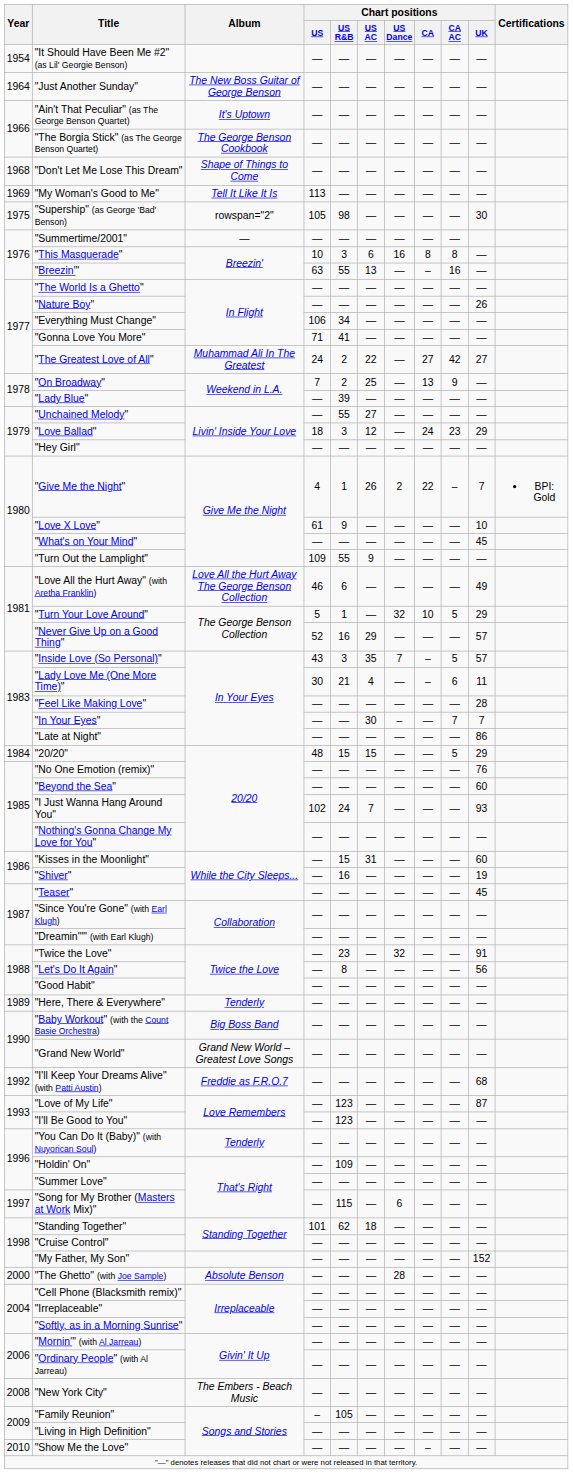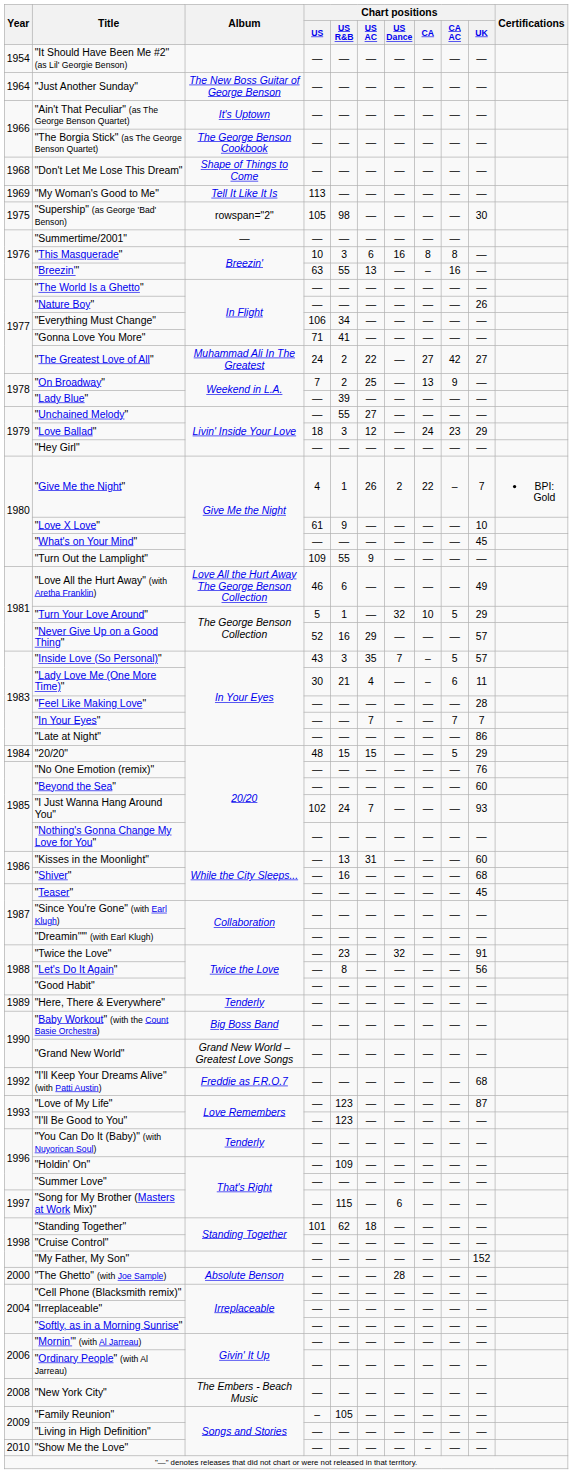 <table class="wikitable" style="text-align:center;">
 <tr>
 <th rowspan="2">Year</th>
 <th rowspan="2">Title</th>
 <th rowspan="2">Album</th>
 <th colspan="7">Chart positions</th>
 <th rowspan="2">Certifications</th>
 </tr>
 <tr style="font-size:smaller;">
 <th width="35"><a href='#'>US</a><br></th>
 <th width="35"><a href='#'>US<br>R&B</a><br></th>
 <th width="35"><a href='#'>US<br>AC</a><br></th>
 <th width="35"><a href='#'>US<br>Dance</a><br></th>
 <th width="35"><a href='#'>CA</a><br></th>
 <th width="35"><a href='#'>CA AC</a></th>
 <th width="35"><a href='#'>UK</a><br></th>
 </tr>
 <tr>
 <td>1954</td>
 <td align="left">"It Should Have Been Me #2" <small>(as Lil' Georgie Benson)</small></td>
 <td></td>
 <td>—</td>
 <td>—</td>
 <td>—</td>
 <td>—</td>
 <td>—</td>
 <td>—</td>
 <td>—</td>
 <td></td>
 </tr>
 <tr>
 <td>1964</td>
 <td align="left">"Just Another Sunday"</td>
 <td><em><a href='#'>The New Boss Guitar of George Benson</a></em></td>
 <td>—</td>
 <td>—</td>
 <td>—</td>
 <td>—</td>
 <td>—</td>
 <td>—</td>
 <td>—</td>
 <td></td>
 </tr>
 <tr>
 <td rowspan="2">1966</td>
 <td align="left">"Ain't That Peculiar" <small>(as The George Benson Quartet)</small></td>
 <td><em><a href='#'>It's Uptown</a></em></td>
 <td>—</td>
 <td>—</td>
 <td>—</td>
 <td>—</td>
 <td>—</td>
 <td>—</td>
 <td>—</td>
 <td></td>
 </tr>
 <tr>
 <td align="left">"The Borgia Stick" <small>(as The George Benson Quartet)</small></td>
 <td><em><a href='#'>The George Benson Cookbook</a></em></td>
 <td>—</td>
 <td>—</td>
 <td>—</td>
 <td>—</td>
 <td>—</td>
 <td>—</td>
 <td>—</td>
 <td></td>
 </tr>
 <tr>
 <td>1968</td>
 <td align="left">"Don't Let Me Lose This Dream"</td>
 <td><em><a href='#'>Shape of Things to Come</a></em></td>
 <td>—</td>
 <td>—</td>
 <td>—</td>
 <td>—</td>
 <td>—</td>
 <td>—</td>
 <td>—</td>
 <td></td>
 </tr>
 <tr>
 <td>1969</td>
 <td align="left">"My Woman's Good to Me"</td>
 <td><em><a href='#'>Tell It Like It Is</a></em></td>
 <td>113</td>
 <td>—</td>
 <td>—</td>
 <td>—</td>
 <td>—</td>
 <td>—</td>
 <td>—</td>
 <td></td>
 </tr>
 <tr>
 <td>1975</td>
 <td align="left">"Supership" <small>(as George 'Bad' Benson)</small></td>
 <td>rowspan="2" </td>
 <td>105</td>
 <td>98</td>
 <td>—</td>
 <td>—</td>
 <td>—</td>
 <td>—</td>
 <td>30</td>
 <td></td>
 </tr>
 <tr>
 <td rowspan="3">1976</td>
 <td align="left">"Summertime/2001"</td>
 <td>—</td>
 <td>—</td>
 <td>—</td>
 <td>—</td>
 <td>—</td>
 <td>—</td>
 <td>—</td>
 <td></td>
 </tr>
 <tr>
 <td align="left">"<a href='#'>This Masquerade</a>"</td>
 <td rowspan="2"><em><a href='#'>Breezin'</a></em></td>
 <td>10</td>
 <td>3</td>
 <td>6</td>
 <td>16</td>
 <td>8</td>
 <td>8</td>
 <td>—</td>
 <td></td>
 </tr>
 <tr>
 <td align="left">"<a href='#'>Breezin'</a>"</td>
 <td>63</td>
 <td>55</td>
 <td>13</td>
 <td>—</td>
 <td>–</td>
 <td>16</td>
 <td>—</td>
 <td></td>
 </tr>
 <tr>
 <td rowspan="5">1977</td>
 <td align="left">"<a href='#'>The World Is a Ghetto</a>"</td>
 <td rowspan="4"><em><a href='#'>In Flight</a></em></td>
 <td>—</td>
 <td>—</td>
 <td>—</td>
 <td>—</td>
 <td>—</td>
 <td>—</td>
 <td>—</td>
 <td></td>
 </tr>
 <tr>
 <td align="left">"<a href='#'>Nature Boy</a>"</td>
 <td>—</td>
 <td>—</td>
 <td>—</td>
 <td>—</td>
 <td>—</td>
 <td>—</td>
 <td>26</td>
 <td></td>
 </tr>
 <tr>
 <td align="left">"Everything Must Change"</td>
 <td>106</td>
 <td>34</td>
 <td>—</td>
 <td>—</td>
 <td>—</td>
 <td>—</td>
 <td>—</td>
 <td></td>
 </tr>
 <tr>
 <td align="left">"Gonna Love You More"</td>
 <td>71</td>
 <td>41</td>
 <td>—</td>
 <td>—</td>
 <td>—</td>
 <td>—</td>
 <td>—</td>
 <td></td>
 </tr>
 <tr>
 <td align="left">"<a href='#'>The Greatest Love of All</a>"</td>
 <td><em><a href='#'>Muhammad Ali In The Greatest</a></em></td>
 <td>24</td>
 <td>2</td>
 <td>22</td>
 <td>—</td>
 <td>27</td>
 <td>42</td>
 <td>27</td>
 <td></td>
 </tr>
 <tr>
 <td rowspan="2">1978</td>
 <td align="left">"<a href='#'>On Broadway</a>"</td>
 <td rowspan="2"><em><a href='#'>Weekend in L.A.</a></em></td>
 <td>7</td>
 <td>2</td>
 <td>25</td>
 <td>—</td>
 <td>13</td>
 <td>9</td>
 <td>—</td>
 <td></td>
 </tr>
 <tr>
 <td align="left">"<a href='#'>Lady Blue</a>"</td>
 <td>—</td>
 <td>39</td>
 <td>—</td>
 <td>—</td>
 <td>—</td>
 <td>—</td>
 <td>—</td>
 <td></td>
 </tr>
 <tr>
 <td rowspan="3">1979</td>
 <td align="left">"<a href='#'>Unchained Melody</a>"</td>
 <td rowspan="3"><em><a href='#'>Livin' Inside Your Love</a></em></td>
 <td>—</td>
 <td>55</td>
 <td>27</td>
 <td>—</td>
 <td>—</td>
 <td>—</td>
 <td>—</td>
 <td></td>
 </tr>
 <tr>
 <td align="left">"<a href='#'>Love Ballad</a>"</td>
 <td>18</td>
 <td>3</td>
 <td>12</td>
 <td>—</td>
 <td>24</td>
 <td>23</td>
 <td>29</td>
 <td></td>
 </tr>
 <tr>
 <td align="left">"Hey Girl"</td>
 <td>—</td>
 <td>—</td>
 <td>—</td>
 <td>—</td>
 <td>—</td>
 <td>—</td>
 <td>—</td>
 <td></td>
 </tr>
 <tr>
 <td rowspan="4">1980</td>
 <td align="left">"<a href='#'>Give Me the Night</a>"</td>
 <td rowspan="4"><em><a href='#'>Give Me the Night</a></em></td>
 <td>4</td>
 <td>1</td>
 <td>26</td>
 <td>2</td>
 <td>22</td>
 <td>–</td>
 <td>7</td>
 <td><br><ul><li>BPI: Gold</li></ul></td>
 </tr>
 <tr>
 <td align="left">"<a href='#'>Love X Love</a>"</td>
 <td>61</td>
 <td>9</td>
 <td>—</td>
 <td>—</td>
 <td>—</td>
 <td>—</td>
 <td>10</td>
 <td></td>
 </tr>
 <tr>
 <td align="left">"<a href='#'>What's on Your Mind</a>"</td>
 <td>—</td>
 <td>—</td>
 <td>—</td>
 <td>—</td>
 <td>—</td>
 <td>—</td>
 <td>45</td>
 <td></td>
 </tr>
 <tr>
 <td align="left">"Turn Out the Lamplight"</td>
 <td>109</td>
 <td>55</td>
 <td>9</td>
 <td>—</td>
 <td>—</td>
 <td>—</td>
 <td>—</td>
 <td></td>
 </tr>
 <tr>
 <td rowspan="3">1981</td>
 <td align="left">"Love All the Hurt Away" <small>(with <a href='#'>Aretha Franklin</a>)</small></td>
 <td><em><a href='#'>Love All the Hurt Away</a></em><br><em><a href='#'>The George Benson Collection</a></em></td>
 <td>46</td>
 <td>6</td>
 <td>—</td>
 <td>—</td>
 <td>—</td>
 <td>—</td>
 <td>49</td>
 <td></td>
 </tr>
 <tr>
 <td align="left">"<a href='#'>Turn Your Love Around</a>"</td>
 <td rowspan="2"><em>The George Benson Collection</em></td>
 <td>5</td>
 <td>1</td>
 <td>—</td>
 <td>32</td>
 <td>10</td>
 <td>5</td>
 <td>29</td>
 <td></td>
 </tr>
 <tr>
 <td align="left">"<a href='#'>Never Give Up on a Good Thing</a>"</td>
 <td>52</td>
 <td>16</td>
 <td>29</td>
 <td>—</td>
 <td>—</td>
 <td>—</td>
 <td>57</td>
 <td></td>
 </tr>
 <tr>
 <td rowspan="5">1983</td>
 <td align="left">"<a href='#'>Inside Love (So Personal)</a>"</td>
 <td rowspan="5"><em><a href='#'>In Your Eyes</a></em></td>
 <td>43</td>
 <td>3</td>
 <td>35</td>
 <td>7</td>
 <td>–</td>
 <td>5</td>
 <td>57</td>
 <td></td>
 </tr>
 <tr>
 <td align="left">"<a href='#'>Lady Love Me (One More Time)</a>"</td>
 <td>30</td>
 <td>21</td>
 <td>4</td>
 <td>—</td>
 <td>–</td>
 <td>6</td>
 <td>11</td>
 <td></td>
 </tr>
 <tr>
 <td align="left">"<a href='#'>Feel Like Making Love</a>"</td>
 <td>—</td>
 <td>—</td>
 <td>—</td>
 <td>—</td>
 <td>—</td>
 <td>—</td>
 <td>28</td>
 <td></td>
 </tr>
 <tr>
 <td align="left">"<a href='#'>In Your Eyes</a>"</td>
 <td>—</td>
 <td>—</td>
-<td>30</td>
+<td>7</td>
 <td>–</td>
 <td>—</td>
 <td>7</td>
 <td>7</td>
 <td></td>
 </tr>
 <tr>
 <td align="left">"Late at Night"</td>
 <td>—</td>
 <td>—</td>
 <td>—</td>
 <td>—</td>
 <td>—</td>
 <td>—</td>
 <td>86</td>
 <td></td>
 </tr>
 <tr>
 <td>1984</td>
 <td align="left">"20/20"</td>
 <td rowspan="5"><em><a href='#'>20/20</a></em></td>
 <td>48</td>
 <td>15</td>
 <td>15</td>
 <td>—</td>
 <td>—</td>
 <td>5</td>
 <td>29</td>
 <td></td>
 </tr>
 <tr>
 <td rowspan="4">1985</td>
 <td align="left">"No One Emotion (remix)"</td>
 <td>—</td>
 <td>—</td>
 <td>—</td>
 <td>—</td>
 <td>—</td>
 <td>—</td>
 <td>76</td>
 <td></td>
 </tr>
 <tr>
 <td align="left">"<a href='#'>Beyond the Sea</a>"</td>
 <td>—</td>
 <td>—</td>
 <td>—</td>
 <td>—</td>
 <td>—</td>
 <td>—</td>
 <td>60</td>
 <td></td>
 </tr>
 <tr>
 <td align="left">"I Just Wanna Hang Around You"</td>
 <td>102</td>
 <td>24</td>
 <td>7</td>
 <td>—</td>
 <td>—</td>
 <td>—</td>
 <td>93</td>
 <td></td>
 </tr>
 <tr>
 <td align="left">"<a href='#'>Nothing's Gonna Change My Love for You</a>"</td>
 <td>—</td>
 <td>—</td>
 <td>—</td>
 <td>—</td>
 <td>—</td>
 <td>—</td>
 <td>—</td>
 <td></td>
 </tr>
 <tr>
 <td rowspan="2">1986</td>
 <td align="left">"Kisses in the Moonlight"</td>
 <td rowspan="3"><em><a href='#'>While the City Sleeps...</a></em></td>
 <td>—</td>
-<td>15</td>
+<td>13</td>
 <td>31</td>
 <td>—</td>
 <td>—</td>
 <td>—</td>
 <td>60</td>
 <td></td>
 </tr>
 <tr>
 <td align="left">"<a href='#'>Shiver</a>"</td>
 <td>—</td>
 <td>16</td>
 <td>—</td>
 <td>—</td>
 <td>—</td>
 <td>—</td>
-<td>19</td>
+<td>68</td>
 <td></td>
 </tr>
 <tr>
 <td rowspan="3">1987</td>
 <td align="left">"<a href='#'>Teaser</a>"</td>
 <td>—</td>
 <td>—</td>
 <td>—</td>
 <td>—</td>
 <td>—</td>
 <td>—</td>
 <td>45</td>
 <td></td>
 </tr>
 <tr>
 <td align="left">"Since You're Gone" <small>(with <a href='#'>Earl Klugh</a>)</small></td>
 <td rowspan="2"><em><a href='#'>Collaboration</a></em></td>
 <td>—</td>
 <td>—</td>
 <td>—</td>
 <td>—</td>
 <td>—</td>
 <td>—</td>
 <td>—</td>
 <td></td>
 </tr>
 <tr>
 <td align="left">"Dreamin'"" <small>(with Earl Klugh)</small></td>
 <td>—</td>
 <td>—</td>
 <td>—</td>
 <td>—</td>
 <td>—</td>
 <td>—</td>
 <td>—</td>
 <td></td>
 </tr>
 <tr>
 <td rowspan="3">1988</td>
 <td align="left">"Twice the Love"</td>
 <td rowspan="3"><em><a href='#'>Twice the Love</a></em></td>
 <td>—</td>
 <td>23</td>
 <td>—</td>
 <td>32</td>
 <td>—</td>
 <td>—</td>
 <td>91</td>
 <td></td>
 </tr>
 <tr>
 <td align="left">"<a href='#'>Let's Do It Again</a>"</td>
 <td>—</td>
 <td>8</td>
 <td>—</td>
 <td>—</td>
 <td>—</td>
 <td>—</td>
 <td>56</td>
 <td></td>
 </tr>
 <tr>
 <td align="left">"Good Habit"</td>
 <td>—</td>
 <td>—</td>
 <td>—</td>
 <td>—</td>
 <td>—</td>
 <td>—</td>
 <td>—</td>
 <td></td>
 </tr>
 <tr>
 <td>1989</td>
 <td align="left">"Here, There & Everywhere"</td>
 <td><em><a href='#'>Tenderly</a></em></td>
 <td>—</td>
 <td>—</td>
 <td>—</td>
 <td>—</td>
 <td>—</td>
 <td>—</td>
 <td>—</td>
 <td></td>
 </tr>
 <tr>
 <td rowspan="2">1990</td>
 <td align="left">"<a href='#'>Baby Workout</a>" <small>(with the <a href='#'>Count Basie Orchestra</a>)</small></td>
 <td><em><a href='#'>Big Boss Band</a></em></td>
 <td>—</td>
 <td>—</td>
 <td>—</td>
 <td>—</td>
 <td>—</td>
 <td>—</td>
 <td>—</td>
 <td></td>
 </tr>
 <tr>
 <td align="left">"Grand New World"</td>
 <td><em>Grand New World – Greatest Love Songs</em></td>
 <td>—</td>
 <td>—</td>
 <td>—</td>
 <td>—</td>
 <td>—</td>
 <td>—</td>
 <td>—</td>
 <td></td>
 </tr>
 <tr>
 <td>1992</td>
 <td align="left">"I'll Keep Your Dreams Alive" <small>(with <a href='#'>Patti Austin</a>)</small></td>
 <td><em><a href='#'>Freddie as F.R.O.7</a></em></td>
 <td>—</td>
 <td>—</td>
 <td>—</td>
 <td>—</td>
 <td>—</td>
 <td>—</td>
 <td>68</td>
 <td></td>
 </tr>
 <tr>
 <td rowspan="2">1993</td>
 <td align="left">"Love of My Life"</td>
 <td rowspan="2"><em><a href='#'>Love Remembers</a></em></td>
 <td>—</td>
 <td>123</td>
 <td>—</td>
 <td>—</td>
 <td>—</td>
 <td>—</td>
 <td>87</td>
 <td></td>
 </tr>
 <tr>
 <td align="left">"I'll Be Good to You"</td>
 <td>—</td>
 <td>123</td>
 <td>—</td>
 <td>—</td>
 <td>—</td>
 <td>—</td>
 <td>—</td>
 <td></td>
 </tr>
 <tr>
 <td rowspan="3">1996</td>
 <td align="left">"You Can Do It (Baby)" <small>(with <a href='#'>Nuyorican Soul</a>)</small></td>
 <td><em><a href='#'>Tenderly</a></em></td>
 <td>—</td>
 <td>—</td>
 <td>—</td>
 <td>—</td>
 <td>—</td>
 <td>—</td>
 <td>—</td>
 <td></td>
 </tr>
 <tr>
 <td align="left">"Holdin' On"</td>
 <td rowspan="3"><em><a href='#'>That's Right</a></em></td>
 <td>—</td>
 <td>109</td>
 <td>—</td>
 <td>—</td>
 <td>—</td>
 <td>—</td>
 <td>—</td>
 <td></td>
 </tr>
 <tr>
 <td align="left">"Summer Love"</td>
 <td>—</td>
 <td>—</td>
 <td>—</td>
 <td>—</td>
 <td>—</td>
 <td>—</td>
 <td>—</td>
 <td></td>
 </tr>
 <tr>
 <td>1997</td>
 <td align="left">"Song for My Brother (<a href='#'>Masters at Work</a> Mix)"</td>
 <td>—</td>
 <td>115</td>
 <td>—</td>
 <td>6</td>
 <td>—</td>
 <td>—</td>
 <td>—</td>
 <td></td>
 </tr>
 <tr>
 <td rowspan="3">1998</td>
 <td align="left">"Standing Together"</td>
 <td rowspan="2"><em><a href='#'>Standing Together</a></em></td>
 <td>101</td>
 <td>62</td>
 <td>18</td>
 <td>—</td>
 <td>—</td>
 <td>—</td>
 <td>—</td>
 <td></td>
 </tr>
 <tr>
 <td align="left">"Cruise Control"</td>
 <td>—</td>
 <td>—</td>
 <td>—</td>
 <td>—</td>
 <td>—</td>
 <td>—</td>
 <td>—</td>
 <td></td>
 </tr>
 <tr>
 <td align="left">"My Father, My Son"</td>
 <td></td>
 <td>—</td>
 <td>—</td>
 <td>—</td>
 <td>—</td>
 <td>—</td>
 <td>—</td>
 <td>152</td>
 <td></td>
 </tr>
 <tr>
 <td>2000</td>
 <td align="left">"The Ghetto" <small>(with <a href='#'>Joe Sample</a>)</small></td>
 <td><em><a href='#'>Absolute Benson</a></em></td>
 <td>—</td>
 <td>—</td>
 <td>—</td>
 <td>28</td>
 <td>—</td>
 <td>—</td>
 <td>—</td>
 <td></td>
 </tr>
 <tr>
 <td rowspan="3">2004</td>
 <td align="left">"Cell Phone (Blacksmith remix)"</td>
 <td rowspan="3"><em><a href='#'>Irreplaceable</a></em></td>
 <td>—</td>
 <td>—</td>
 <td>—</td>
 <td>—</td>
 <td>—</td>
 <td>—</td>
 <td>—</td>
 <td></td>
 </tr>
 <tr>
 <td align="left">"Irreplaceable"</td>
 <td>—</td>
 <td>—</td>
 <td>—</td>
 <td>—</td>
 <td>—</td>
 <td>—</td>
 <td>—</td>
 <td></td>
 </tr>
 <tr>
 <td align="left">"<a href='#'>Softly, as in a Morning Sunrise</a>"</td>
 <td>—</td>
 <td>—</td>
 <td>—</td>
 <td>—</td>
 <td>—</td>
 <td>—</td>
 <td>—</td>
 <td></td>
 </tr>
 <tr>
 <td rowspan="2">2006</td>
 <td align="left">"<a href='#'>Mornin'</a>" <small>(with <a href='#'>Al Jarreau</a>)</small></td>
 <td rowspan="2"><em><a href='#'>Givin' It Up</a></em></td>
 <td>—</td>
 <td>—</td>
 <td>—</td>
 <td>—</td>
 <td>—</td>
 <td>—</td>
 <td>—</td>
 <td></td>
 </tr>
 <tr>
 <td align="left">"<a href='#'>Ordinary People</a>" <small>(with Al Jarreau)</small></td>
 <td>—</td>
 <td>—</td>
 <td>—</td>
 <td>—</td>
 <td>—</td>
 <td>—</td>
 <td>—</td>
 <td></td>
 </tr>
 <tr>
 <td>2008</td>
 <td align="left">"New York City"</td>
 <td><em>The Embers - Beach Music</em></td>
 <td>—</td>
 <td>—</td>
 <td>—</td>
 <td>—</td>
 <td>—</td>
 <td>—</td>
 <td>—</td>
 <td></td>
 </tr>
 <tr>
 <td rowspan="2">2009</td>
 <td align="left">"Family Reunion"</td>
 <td rowspan="3"><em><a href='#'>Songs and Stories</a></em></td>
 <td>–</td>
 <td>105</td>
 <td>—</td>
 <td>—</td>
 <td>—</td>
 <td>—</td>
 <td>—</td>
 <td></td>
 </tr>
 <tr>
 <td align="left">"Living in High Definition"</td>
 <td>—</td>
 <td>—</td>
 <td>—</td>
 <td>—</td>
 <td>—</td>
 <td>—</td>
 <td>—</td>
 <td></td>
 </tr>
 <tr>
 <td>2010</td>
 <td align="left">"Show Me the Love"</td>
 <td>—</td>
 <td>—</td>
 <td>—</td>
 <td>—</td>
 <td>–</td>
 <td>—</td>
 <td>—</td>
 <td></td>
 </tr>
 <tr>
 <td colspan="12" style="text-align:center; font-size:9pt;">"—" denotes releases that did not chart or were not released in that territory.</td>
 </tr>
 </table>
